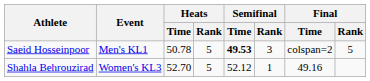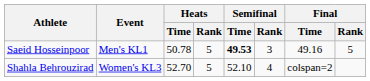 <table class="wikitable" style="font-size:90%">
 <tr>
 <th rowspan="2">Athlete</th>
 <th rowspan="2">Event</th>
 <th colspan="2">Heats</th>
 <th colspan="2">Semifinal</th>
 <th colspan="2">Final</th>
 </tr>
 <tr>
 <th>Time</th>
 <th>Rank</th>
 <th>Time</th>
 <th>Rank</th>
 <th>Time</th>
 <th>Rank</th>
 </tr>
 <tr align=center>
 <td align=left><a href='#'>Saeid Hosseinpoor</a></td>
 <td align=left><a href='#'>Men's KL1</a></td>
 <td>50.78</td>
 <td>5 <strong></strong></td>
 <td><strong>49.53</strong></td>
 <td>3 <strong></strong></td>
-<td>colspan=2 </td>
+<td>49.16</td>
 <td>5</td>
 </tr>
 <tr align=center>
 <td align=left><a href='#'>Shahla Behrouzirad</a></td>
 <td align=left><a href='#'>Women's KL3</a></td>
 <td>52.70</td>
 <td>5 <strong></strong></td>
-<td>52.12</td>
-<td>1</td>
-<td>49.16</td>
+<td>52.10</td>
+<td>4</td>
+<td>colspan=2 </td>
 </tr>
 </table>
